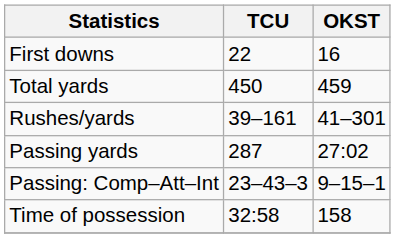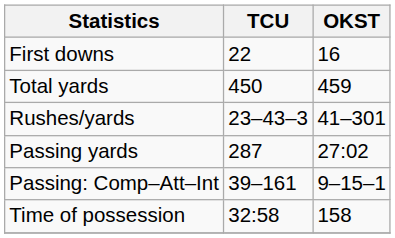 <table class="wikitable" style="float: left;">
 <tr>
 <th>Statistics</th>
 <th>TCU</th>
 <th>OKST</th>
 </tr>
 <tr>
 <td>First downs</td>
 <td>22</td>
 <td>16</td>
 </tr>
 <tr>
 <td>Total yards</td>
 <td>450</td>
 <td>459</td>
 </tr>
 <tr>
 <td>Rushes/yards</td>
-<td>39–161</td>
+<td>23–43–3</td>
 <td>41–301</td>
 </tr>
 <tr>
 <td>Passing yards</td>
 <td>287</td>
 <td>27:02</td>
 </tr>
 <tr>
 <td>Passing: Comp–Att–Int</td>
-<td>23–43–3</td>
+<td>39–161</td>
 <td>9–15–1</td>
 </tr>
 <tr>
 <td>Time of possession</td>
 <td>32:58</td>
 <td>158</td>
 </tr>
 <tr>
 </tr>
 </table>
